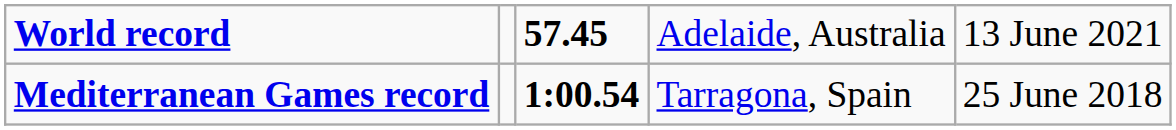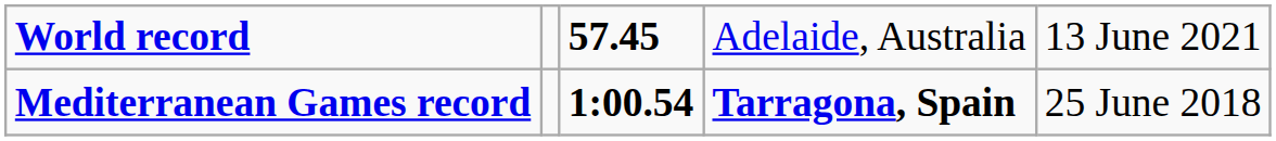 <table class="wikitable">
 <tr>
 <td><strong><a href='#'>World record</a></strong></td>
 <td></td>
 <td><strong>57.45</strong></td>
 <td><a href='#'>Adelaide</a>, Australia</td>
 <td>13 June 2021</td>
 </tr>
 <tr>
 <td><strong><a href='#'>Mediterranean Games record</a></strong></td>
 <td></td>
 <td><strong>1:00.54</strong></td>
-<td><a href='#'>Tarragona</a>, Spain</td>
+<td><strong><a href='#'>Tarragona</a>, Spain</strong></td>
 <td>25 June 2018</td>
 </tr>
 </table>
